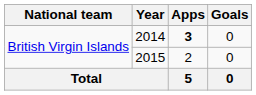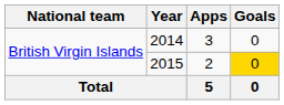 <table class="wikitable" style="text-align:center">
 <tr>
 <th>National team</th>
 <th>Year</th>
 <th>Apps</th>
 <th>Goals</th>
 </tr>
 <tr>
 <td rowspan=2><a href='#'>British Virgin Islands</a></td>
 <td>2014</td>
-<td><strong>3</strong></td>
+<td>3</td>
 <td>0</td>
 </tr>
 <tr>
 <td>2015</td>
 <td>2</td>
-<td>0</td>
+<td style="background: gold;">0</td>
 </tr>
 <tr>
 <th colspan=2>Total</th>
 <th>5</th>
 <th>0</th>
 </tr>
 </table>
